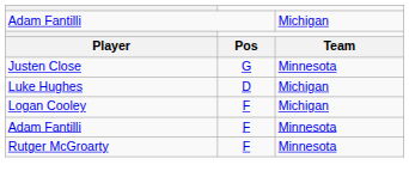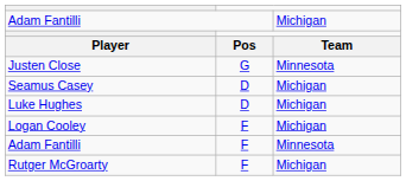 <table class="wikitable" width=40%>
 <tr>
 <th><a href='#'></a></th>
 </tr>
 <tr>
 <td colspan=2><a href='#'>Adam Fantilli</a></td>
 <td><a href='#'>Michigan</a></td>
 </tr>
 <tr>
 <th><a href='#'></a></th>
 </tr>
 <tr>
 <th>Player</th>
 <th>Pos</th>
 <th>Team</th>
 </tr>
 <tr>
 <td><a href='#'>Justen Close</a></td>
 <td style="text-align:center;"><a href='#'>G</a></td>
 <td><a href='#'>Minnesota</a></td>
 </tr>
 <tr>
+<td><a href='#'>Seamus Casey</a></td>
+<td style="text-align:center;"><a href='#'>D</a></td>
+<td><a href='#'>Michigan</a></td>
+</tr>
+<tr>
 <td><a href='#'>Luke Hughes</a></td>
 <td style="text-align:center;"><a href='#'>D</a></td>
 <td><a href='#'>Michigan</a></td>
 </tr>
 <tr>
 <td><a href='#'>Logan Cooley</a></td>
 <td style="text-align:center;"><a href='#'>F</a></td>
 <td><a href='#'>Michigan</a></td>
 </tr>
 <tr>
 <td><a href='#'>Adam Fantilli</a></td>
 <td style="text-align:center;"><a href='#'>F</a></td>
 <td><a href='#'>Minnesota</a></td>
 </tr>
 <tr>
 <td><a href='#'>Rutger McGroarty</a></td>
 <td style="text-align:center;"><a href='#'>F</a></td>
-<td><a href='#'>Minnesota</a></td>
+<td><a href='#'>Michigan</a></td>
 </tr>
 </table>
